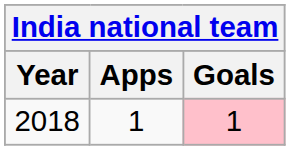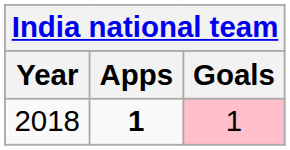 <table class="wikitable" style="text-align:center">
 <tr>
 <th colspan=3><a href='#'>India national team</a></th>
 </tr>
 <tr>
 <th>Year</th>
 <th>Apps</th>
 <th>Goals</th>
 </tr>
 <tr>
 <td>2018</td>
-<td>1</td>
+<td><strong>1</strong></td>
 <td style="background: pink;">1</td>
 </tr>
 </table>
